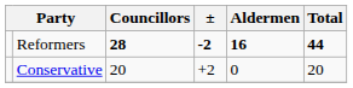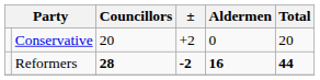 <table class="wikitable">
 <tr>
 <th colspan="2">Party</th>
 <th>Councillors</th>
 <th>  ±  </th>
 <th>Aldermen</th>
 <th>Total</th>
 </tr>
 <tr>
 <td style="background-color: "></td>
+<td><a href='#'>Conservative</a></td>
+<td>20</td>
+<td>+2</td>
+<td>0</td>
+<td>20</td>
+</tr>
+<tr>
+<td style="background-color: "></td>
 <td>Reformers</td>
 <td><strong>28</strong></td>
 <td><strong>-2</strong></td>
 <td><strong>16</strong></td>
 <td><strong>44</strong></td>
 </tr>
 <tr>
-<td style="background-color: "></td>
-<td><a href='#'>Conservative</a></td>
-<td>20</td>
-<td>+2</td>
-<td>0</td>
-<td>20</td>
-</tr>
-<tr>
 </tr>
 </table>
